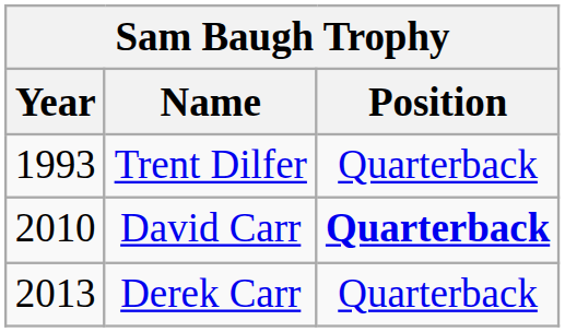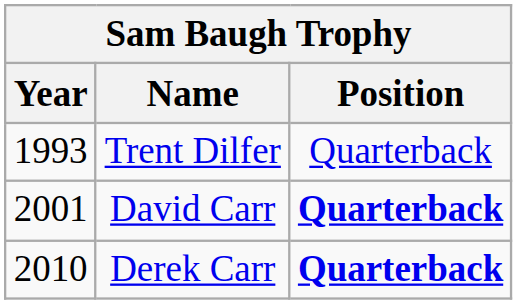 <table class="wikitable">
 <tr align="center">
 <th colspan=5>Sam Baugh Trophy</th>
 </tr>
 <tr>
 <th>Year</th>
 <th>Name</th>
 <th>Position</th>
 </tr>
 <tr align="center" bgcolor="">
 <td>1993</td>
 <td><a href='#'>Trent Dilfer</a></td>
 <td><a href='#'>Quarterback</a></td>
 </tr>
 <tr align="center" bgcolor="">
-<td>2010</td>
+<td>2001</td>
 <td><a href='#'>David Carr</a></td>
 <td><strong><a href='#'>Quarterback</a></strong></td>
 </tr>
 <tr align="center" bgcolor="">
-<td>2013</td>
+<td>2010</td>
 <td><a href='#'>Derek Carr</a></td>
-<td><a href='#'>Quarterback</a></td>
+<td><strong><a href='#'>Quarterback</a></strong></td>
 </tr>
 </table>
